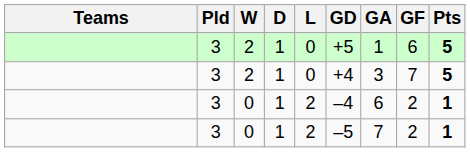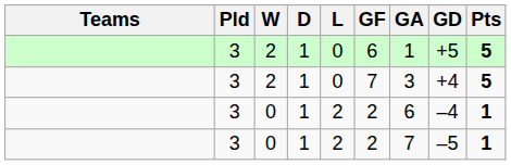 <table class="wikitable" style="text-align: center;">
 <tr>
 <th width=165>Teams</th>
 <th width=20>Pld</th>
 <th width=20>W</th>
 <th width=20>D</th>
 <th width=20>L</th>
+<th width=20>GF</th>
+<th width=20>GA</th>
 <th width=20>GD</th>
-<th width=20>GA</th>
-<th width=20>GF</th>
 <th width=20>Pts</th>
 </tr>
 <tr align=center style="background:#ccffcc;">
 <td style="text-align:left;"></td>
 <td>3</td>
 <td>2</td>
 <td>1</td>
 <td>0</td>
+<td>6</td>
+<td>1</td>
 <td>+5</td>
-<td>1</td>
-<td>6</td>
 <td><strong>5</strong></td>
 </tr>
 <tr align=center>
 <td style="text-align:left;"></td>
 <td>3</td>
 <td>2</td>
 <td>1</td>
 <td>0</td>
+<td>7</td>
+<td>3</td>
 <td>+4</td>
-<td>3</td>
-<td>7</td>
 <td><strong>5</strong></td>
 </tr>
 <tr align=center>
 <td style="text-align:left;"></td>
 <td>3</td>
 <td>0</td>
 <td>1</td>
 <td>2</td>
+<td>2</td>
+<td>6</td>
 <td>–4</td>
-<td>6</td>
-<td>2</td>
 <td><strong>1</strong></td>
 </tr>
 <tr align=center>
 <td style="text-align:left;"></td>
 <td>3</td>
 <td>0</td>
 <td>1</td>
 <td>2</td>
+<td>2</td>
+<td>7</td>
 <td>–5</td>
-<td>7</td>
-<td>2</td>
 <td><strong>1</strong></td>
 </tr>
 </table>
